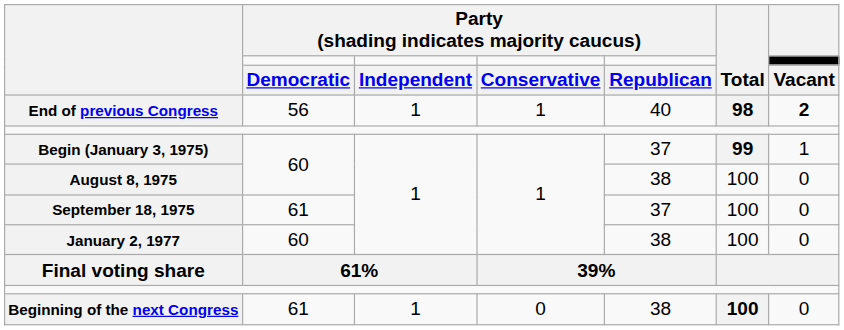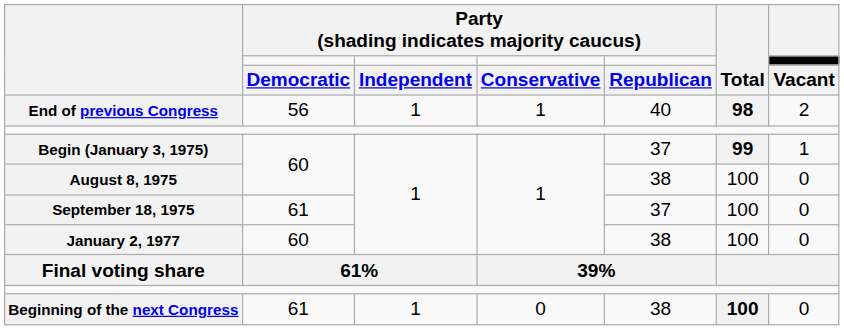 <table class="wikitable" style="text-align:center;">
 <tr style="vertical-align:bottom;">
 <th rowspan=3></th>
 <th colspan=4>Party <div>(shading indicates majority caucus)</div></th>
 <th rowspan=3>Total</th>
 <th></th>
 </tr>
 <tr style="height:5px">
 <td style="background-color:"></td>
 <td style="background-color:"></td>
 <td style="background-color:"></td>
 <td style="background-color:"></td>
 <td style="background:black;"></td>
 </tr>
 <tr>
 <th><a href='#'>Democratic</a></th>
 <th><a href='#'>Independent</a></th>
 <th><a href='#'>Conservative</a></th>
 <th><a href='#'>Republican</a></th>
 <th>Vacant</th>
 </tr>
 <tr>
 <th style="white-space:nowrap; font-size:80%;">End of <a href='#'>previous Congress</a></th>
 <td>56</td>
 <td>1</td>
 <td>1</td>
 <td>40</td>
 <th>98</th>
-<td><strong>2</strong></td>
+<td>2</td>
 </tr>
 <tr>
 <td colspan=7></td>
 </tr>
 <tr>
 <th style="font-size:80%">Begin (January 3, 1975)</th>
 <td rowspan=2 >60</td>
 <td rowspan=4 >1</td>
 <td rowspan=4>1</td>
 <td>37</td>
 <th>99</th>
 <td>1</td>
 </tr>
 <tr>
 <th style="font-size:80%">August 8, 1975</th>
 <td>38</td>
 <td>100</td>
 <td>0</td>
 </tr>
 <tr>
 <th style="font-size:80%">September 18, 1975</th>
 <td>61</td>
 <td>37</td>
 <td>100</td>
 <td>0</td>
 </tr>
 <tr>
 <th style="font-size:80%">January 2, 1977</th>
 <td>60</td>
 <td>38</td>
 <td>100</td>
 <td>0</td>
 </tr>
 <tr>
 <th>Final voting share</th>
 <th colspan=2 >61%</th>
 <th colspan=2>39%</th>
 <th colspan=2></th>
 </tr>
 <tr>
 <td colspan=7></td>
 </tr>
 <tr>
 <th style="white-space:nowrap; font-size:80%;">Beginning of the <a href='#'>next Congress</a></th>
 <td>61</td>
 <td>1</td>
 <td>0</td>
 <td>38</td>
 <th>100</th>
 <td>0</td>
 </tr>
 </table>
